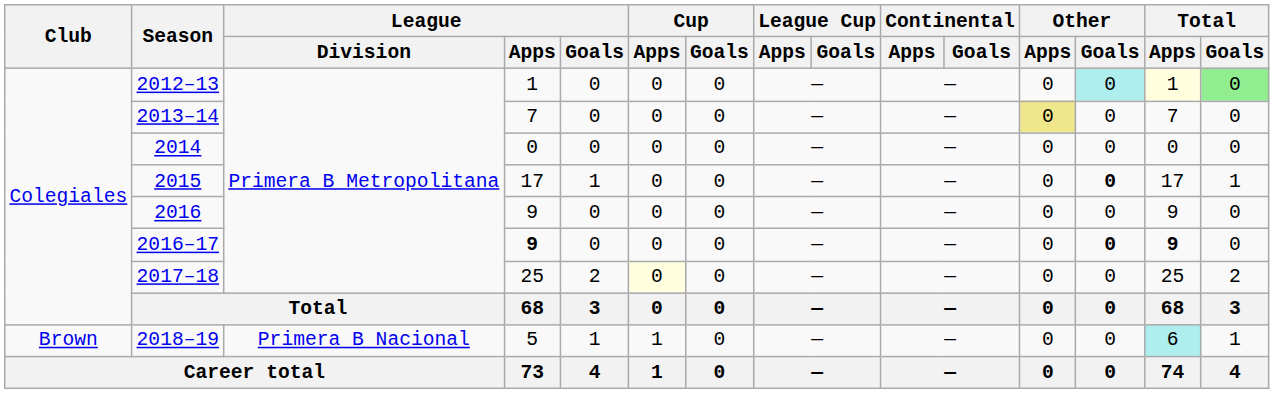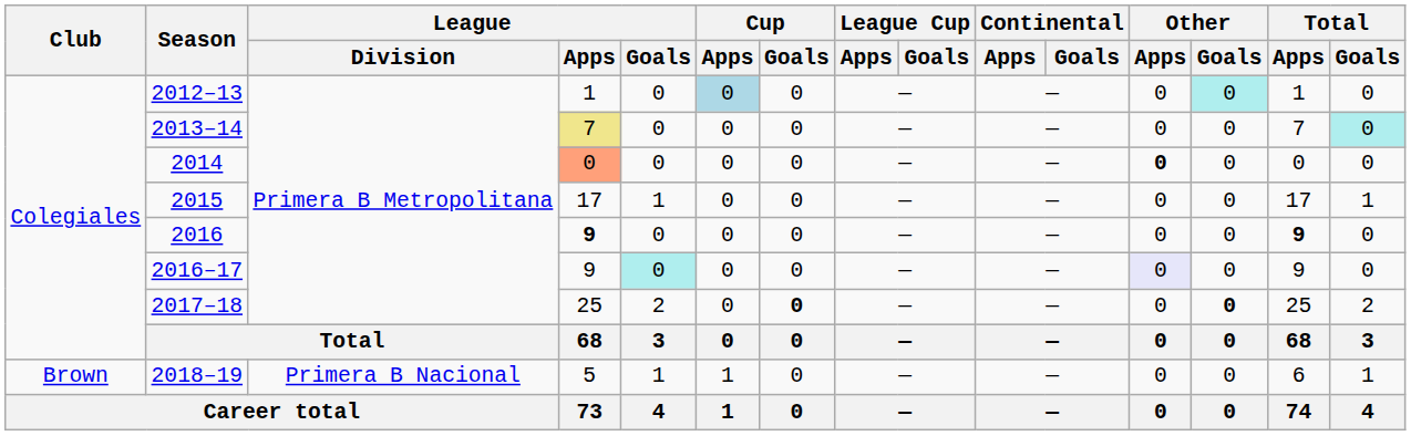 <table class="wikitable" style="text-align:center">
 <tr>
 <th rowspan="2">Club</th>
 <th rowspan="2">Season</th>
 <th colspan="3">League</th>
 <th colspan="2">Cup</th>
 <th colspan="2">League Cup</th>
 <th colspan="2">Continental</th>
 <th colspan="2">Other</th>
 <th colspan="2">Total</th>
 </tr>
 <tr>
 <th>Division</th>
 <th>Apps</th>
 <th>Goals</th>
 <th>Apps</th>
 <th>Goals</th>
 <th>Apps</th>
 <th>Goals</th>
 <th>Apps</th>
 <th>Goals</th>
 <th>Apps</th>
 <th>Goals</th>
 <th>Apps</th>
 <th>Goals</th>
 </tr>
 <tr>
 <td rowspan="8"><a href='#'>Colegiales</a></td>
 <td><a href='#'>2012–13</a></td>
 <td rowspan="7"><a href='#'>Primera B Metropolitana</a></td>
 <td>1</td>
 <td>0</td>
-<td>0</td>
+<td style="background: lightblue;">0</td>
 <td>0</td>
 <td colspan="2">—</td>
 <td colspan="2">—</td>
 <td>0</td>
 <td style="background: paleturquoise;">0</td>
-<td style="background: lightyellow;">1</td>
-<td style="background: lightgreen;">0</td>
+<td>1</td>
+<td>0</td>
 </tr>
 <tr>
 <td><a href='#'>2013–14</a></td>
-<td>7</td>
-<td>0</td>
-<td>0</td>
-<td>0</td>
-<td colspan="2">—</td>
-<td colspan="2">—</td>
-<td style="background: khaki;">0</td>
-<td>0</td>
-<td>7</td>
-<td>0</td>
-</tr>
-<tr>
-<td><a href='#'>2014</a></td>
-<td>0</td>
+<td style="background: khaki;">7</td>
 <td>0</td>
 <td>0</td>
 <td>0</td>
 <td colspan="2">—</td>
 <td colspan="2">—</td>
 <td>0</td>
+<td>0</td>
+<td>7</td>
+<td style="background: paleturquoise;">0</td>
+</tr>
+<tr>
+<td><a href='#'>2014</a></td>
+<td style="background: lightsalmon;">0</td>
+<td>0</td>
+<td>0</td>
+<td>0</td>
+<td colspan="2">—</td>
+<td colspan="2">—</td>
+<td><strong>0</strong></td>
 <td>0</td>
 <td>0</td>
 <td>0</td>
 </tr>
 <tr>
 <td><a href='#'>2015</a></td>
 <td>17</td>
 <td>1</td>
 <td>0</td>
 <td>0</td>
 <td colspan="2">—</td>
 <td colspan="2">—</td>
 <td>0</td>
-<td><strong>0</strong></td>
+<td>0</td>
 <td>17</td>
 <td>1</td>
 </tr>
 <tr>
 <td><a href='#'>2016</a></td>
-<td>9</td>
+<td><strong>9</strong></td>
 <td>0</td>
 <td>0</td>
 <td>0</td>
 <td colspan="2">—</td>
 <td colspan="2">—</td>
 <td>0</td>
 <td>0</td>
-<td>9</td>
+<td><strong>9</strong></td>
 <td>0</td>
 </tr>
 <tr>
 <td><a href='#'>2016–17</a></td>
-<td><strong>9</strong></td>
-<td>0</td>
+<td>9</td>
+<td style="background: paleturquoise;">0</td>
 <td>0</td>
 <td>0</td>
 <td colspan="2">—</td>
 <td colspan="2">—</td>
+<td style="background: lavender;">0</td>
 <td>0</td>
-<td><strong>0</strong></td>
-<td><strong>9</strong></td>
+<td>9</td>
 <td>0</td>
 </tr>
 <tr>
 <td><a href='#'>2017–18</a></td>
 <td>25</td>
 <td>2</td>
-<td style="background: lightyellow;">0</td>
 <td>0</td>
+<td><strong>0</strong></td>
 <td colspan="2">—</td>
 <td colspan="2">—</td>
 <td>0</td>
-<td>0</td>
+<td><strong>0</strong></td>
 <td>25</td>
 <td>2</td>
 </tr>
 <tr>
 <th colspan="2">Total</th>
 <th>68</th>
 <th>3</th>
 <th>0</th>
 <th>0</th>
 <th colspan="2">—</th>
 <th colspan="2">—</th>
 <th>0</th>
 <th>0</th>
 <th>68</th>
 <th>3</th>
 </tr>
 <tr>
 <td rowspan="1"><a href='#'>Brown</a></td>
 <td><a href='#'>2018–19</a></td>
 <td rowspan="1"><a href='#'>Primera B Nacional</a></td>
 <td>5</td>
 <td>1</td>
 <td>1</td>
 <td>0</td>
 <td colspan="2">—</td>
 <td colspan="2">—</td>
 <td>0</td>
 <td>0</td>
-<td style="background: paleturquoise;">6</td>
+<td>6</td>
 <td>1</td>
 </tr>
 <tr>
 <th colspan="3">Career total</th>
 <th>73</th>
 <th>4</th>
 <th>1</th>
 <th>0</th>
 <th colspan="2">—</th>
 <th colspan="2">—</th>
 <th>0</th>
 <th>0</th>
 <th>74</th>
 <th>4</th>
 </tr>
 </table>
